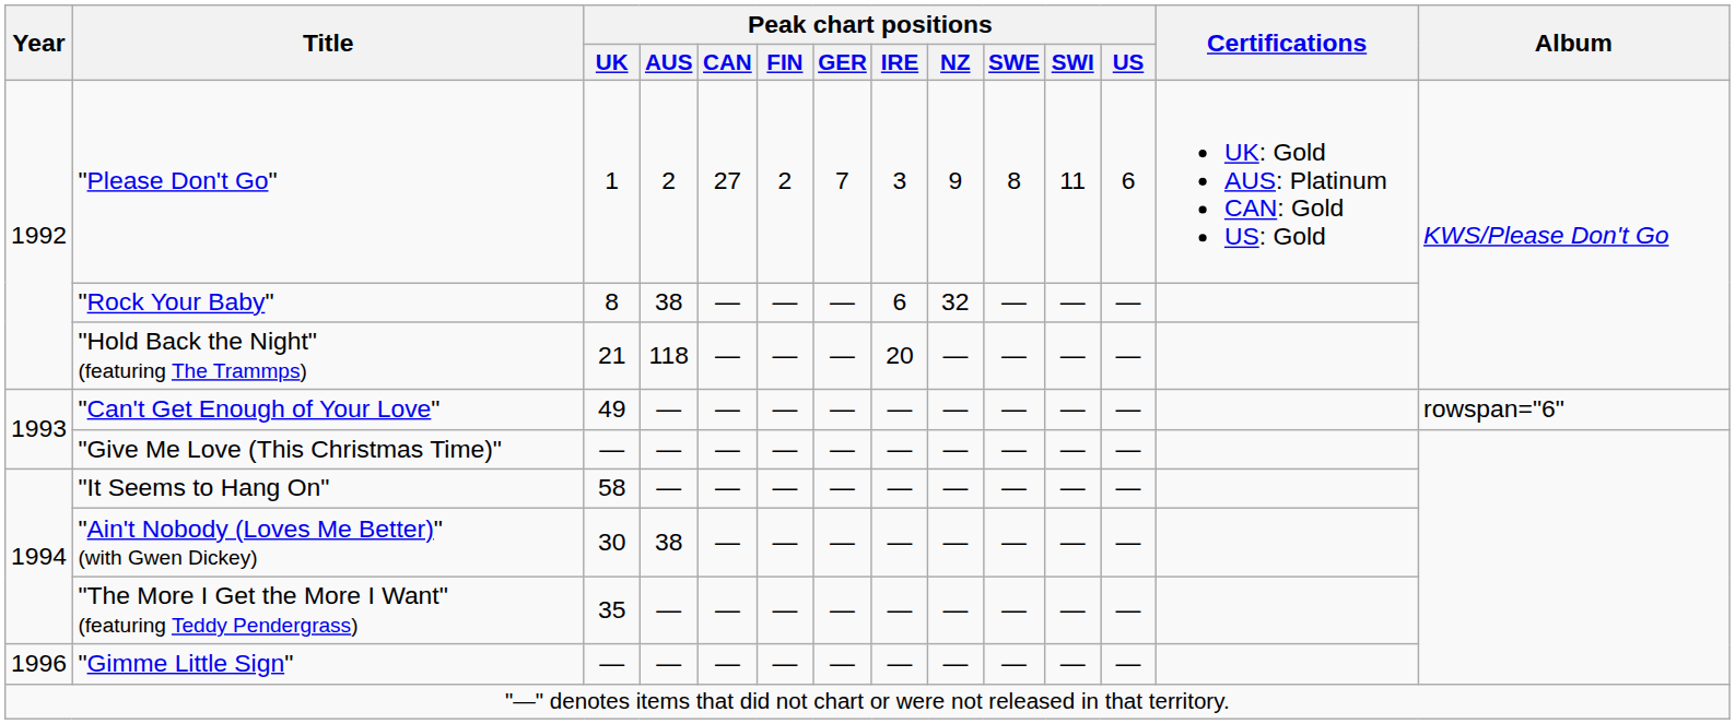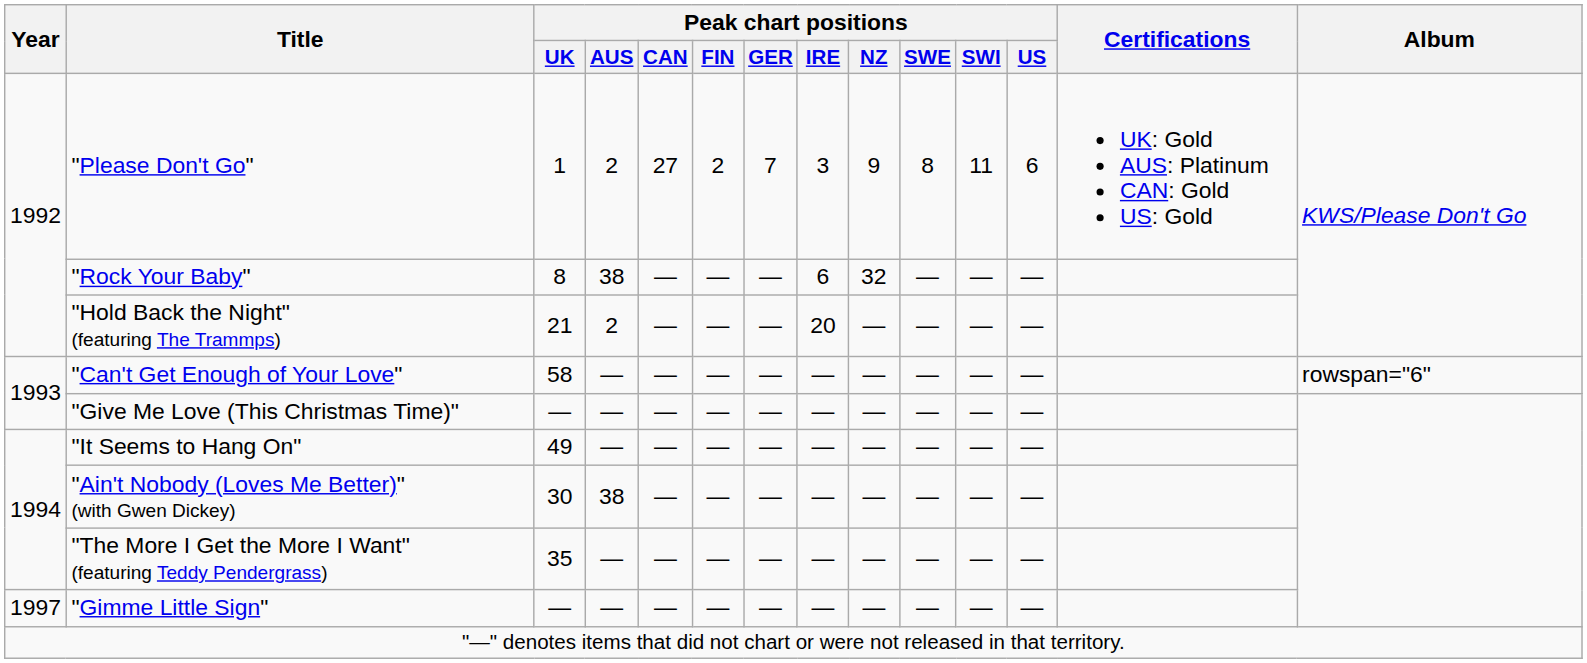 <table class="wikitable">
 <tr>
 <th rowspan="2" style="width:2em;">Year</th>
 <th rowspan="2" style="width:20em;">Title</th>
 <th colspan="10">Peak chart positions</th>
 <th rowspan="2" style="width:10em;"><a href='#'>Certifications</a></th>
 <th rowspan="2" style="width:12em;">Album</th>
 </tr>
 <tr>
 <th style="width:2em;font-size:90%;"><a href='#'>UK</a><br></th>
 <th style="width:2em;font-size:90%;"><a href='#'>AUS</a><br></th>
 <th style="width:2em;font-size:90%;"><a href='#'>CAN</a><br></th>
 <th style="width:2em;font-size:90%;"><a href='#'>FIN</a><br></th>
 <th style="width:2em;font-size:90%;"><a href='#'>GER</a><br></th>
 <th style="width:2em;font-size:90%;"><a href='#'>IRE</a><br></th>
 <th style="width:2em;font-size:90%;"><a href='#'>NZ</a><br></th>
 <th style="width:2em;font-size:90%;"><a href='#'>SWE</a><br></th>
 <th style="width:2em;font-size:90%;"><a href='#'>SWI</a><br></th>
 <th style="width:2em;font-size:90%;"><a href='#'>US</a><br></th>
 </tr>
 <tr>
 <td rowspan="3">1992</td>
 <td>"<a href='#'>Please Don't Go</a>"</td>
 <td align="center">1</td>
 <td align="center">2</td>
 <td align="center">27</td>
 <td align="center">2</td>
 <td align="center">7</td>
 <td align="center">3</td>
 <td align="center">9</td>
 <td align="center">8</td>
 <td align="center">11</td>
 <td align="center">6</td>
 <td><br><ul><li><a href='#'>UK</a>: Gold</li><li><a href='#'>AUS</a>: Platinum</li><li><a href='#'>CAN</a>: Gold</li><li><a href='#'>US</a>: Gold</li></ul></td>
 <td align="left" rowspan="3"><em><a href='#'>KWS/Please Don't Go</a></em></td>
 </tr>
 <tr>
 <td>"<a href='#'>Rock Your Baby</a>"</td>
 <td align="center">8</td>
 <td align="center">38</td>
 <td align="center">—</td>
 <td align="center">—</td>
 <td align="center">—</td>
 <td align="center">6</td>
 <td align="center">32</td>
 <td align="center">—</td>
 <td align="center">—</td>
 <td align="center">—</td>
 <td></td>
 </tr>
 <tr>
 <td>"Hold Back the Night" <br><small>(featuring <a href='#'>The Trammps</a>)</small></td>
 <td align="center">21</td>
-<td align="center">118</td>
+<td align="center">2</td>
 <td align="center">—</td>
 <td align="center">—</td>
 <td align="center">—</td>
 <td align="center">20</td>
 <td align="center">—</td>
 <td align="center">—</td>
 <td align="center">—</td>
 <td align="center">—</td>
 <td></td>
 </tr>
 <tr>
 <td rowspan="2">1993</td>
 <td>"<a href='#'>Can't Get Enough of Your Love</a>"</td>
-<td align="center">49</td>
+<td align="center">58</td>
 <td align="center">—</td>
 <td align="center">—</td>
 <td align="center">—</td>
 <td align="center">—</td>
 <td align="center">—</td>
 <td align="center">—</td>
 <td align="center">—</td>
 <td align="center">—</td>
 <td align="center">—</td>
 <td></td>
 <td>rowspan="6" </td>
 </tr>
 <tr>
 <td>"Give Me Love (This Christmas Time)"</td>
 <td align="center">—</td>
 <td align="center">—</td>
 <td align="center">—</td>
 <td align="center">—</td>
 <td align="center">—</td>
 <td align="center">—</td>
 <td align="center">—</td>
 <td align="center">—</td>
 <td align="center">—</td>
 <td align="center">—</td>
 <td></td>
 </tr>
 <tr>
 <td rowspan="3">1994</td>
 <td>"It Seems to Hang On"</td>
-<td align="center">58</td>
+<td align="center">49</td>
 <td align="center">—</td>
 <td align="center">—</td>
 <td align="center">—</td>
 <td align="center">—</td>
 <td align="center">—</td>
 <td align="center">—</td>
 <td align="center">—</td>
 <td align="center">—</td>
 <td align="center">—</td>
 <td></td>
 </tr>
 <tr>
 <td>"<a href='#'>Ain't Nobody (Loves Me Better)</a>"<br><small>(with Gwen Dickey)</small></td>
 <td align="center">30</td>
 <td align="center">38</td>
 <td align="center">—</td>
 <td align="center">—</td>
 <td align="center">—</td>
 <td align="center">—</td>
 <td align="center">—</td>
 <td align="center">—</td>
 <td align="center">—</td>
 <td align="center">—</td>
 <td></td>
 </tr>
 <tr>
 <td>"The More I Get the More I Want"<br><small>(featuring <a href='#'>Teddy Pendergrass</a>)</small></td>
 <td align="center">35</td>
 <td align="center">—</td>
 <td align="center">—</td>
 <td align="center">—</td>
 <td align="center">—</td>
 <td align="center">—</td>
 <td align="center">—</td>
 <td align="center">—</td>
 <td align="center">—</td>
 <td align="center">—</td>
 <td></td>
 </tr>
 <tr>
-<td>1996</td>
+<td>1997</td>
 <td>"<a href='#'>Gimme Little Sign</a>"</td>
 <td align="center">—</td>
 <td align="center">—</td>
 <td align="center">—</td>
 <td align="center">—</td>
 <td align="center">—</td>
 <td align="center">—</td>
 <td align="center">—</td>
 <td align="center">—</td>
 <td align="center">—</td>
 <td align="center">—</td>
 <td></td>
 </tr>
 <tr>
 <td align="center" colspan="15" style="font-size:90%">"—" denotes items that did not chart or were not released in that territory.</td>
 </tr>
 </table>
